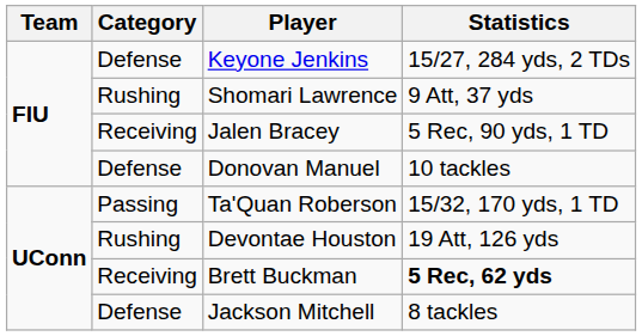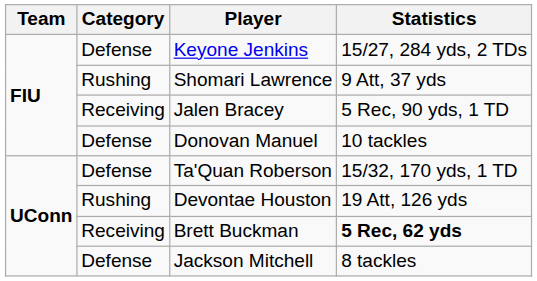 <table class="wikitable" style="float: right;">
 <tr>
 <th>Team</th>
 <th>Category</th>
 <th>Player</th>
 <th>Statistics</th>
 </tr>
 <tr>
 <td rowspan=4><strong>FIU</strong></td>
 <td>Defense</td>
 <td><a href='#'>Keyone Jenkins</a></td>
 <td>15/27, 284 yds, 2 TDs</td>
 </tr>
 <tr>
 <td>Rushing</td>
 <td>Shomari Lawrence</td>
 <td>9 Att, 37 yds</td>
 </tr>
 <tr>
 <td>Receiving</td>
 <td>Jalen Bracey</td>
 <td>5 Rec, 90 yds, 1 TD</td>
 </tr>
 <tr>
 <td>Defense</td>
 <td>Donovan Manuel</td>
 <td>10 tackles</td>
 </tr>
 <tr>
 <td rowspan=4><strong>UConn</strong></td>
-<td>Passing</td>
+<td>Defense</td>
 <td>Ta'Quan Roberson</td>
 <td>15/32, 170 yds, 1 TD</td>
 </tr>
 <tr>
 <td>Rushing</td>
 <td>Devontae Houston</td>
 <td>19 Att, 126 yds</td>
 </tr>
 <tr>
 <td>Receiving</td>
 <td>Brett Buckman</td>
 <td><strong>5 Rec, 62 yds</strong></td>
 </tr>
 <tr>
 <td>Defense</td>
 <td>Jackson Mitchell</td>
 <td>8 tackles</td>
 </tr>
 </table>
